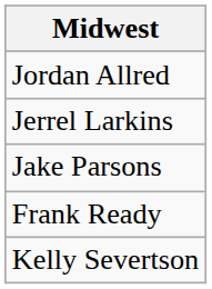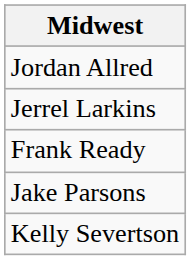 <table class="wikitable" style="display: inline-table;">
 <tr>
 <th>Midwest</th>
 </tr>
 <tr>
 <td>Jordan Allred</td>
 </tr>
 <tr>
 <td>Jerrel Larkins</td>
 </tr>
 <tr>
-<td>Jake Parsons</td>
+<td>Frank Ready</td>
 </tr>
 <tr>
-<td>Frank Ready</td>
+<td>Jake Parsons</td>
 </tr>
 <tr>
 <td>Kelly Severtson</td>
 </tr>
 </table>
